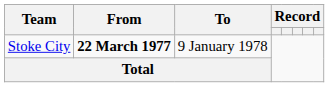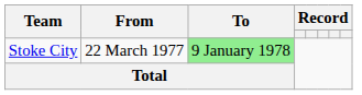 <table class=wikitable style="text-align: center">
 <tr>
 <th rowspan=2>Team</th>
 <th rowspan=2>From</th>
 <th rowspan=2>To</th>
 <th colspan=5>Record</th>
 </tr>
 <tr>
 <th></th>
 <th></th>
 <th></th>
 <th></th>
 <th></th>
 </tr>
 <tr>
 <td align=left><a href='#'>Stoke City</a></td>
-<td align=left><strong>22 March 1977</strong></td>
-<td align=left>9 January 1978<br></td>
+<td align=left>22 March 1977</td>
+<td align=left style="background: lightgreen;">9 January 1978<br></td>
 </tr>
 <tr>
 <th colspan="3">Total<br></th>
 </tr>
 </table>
